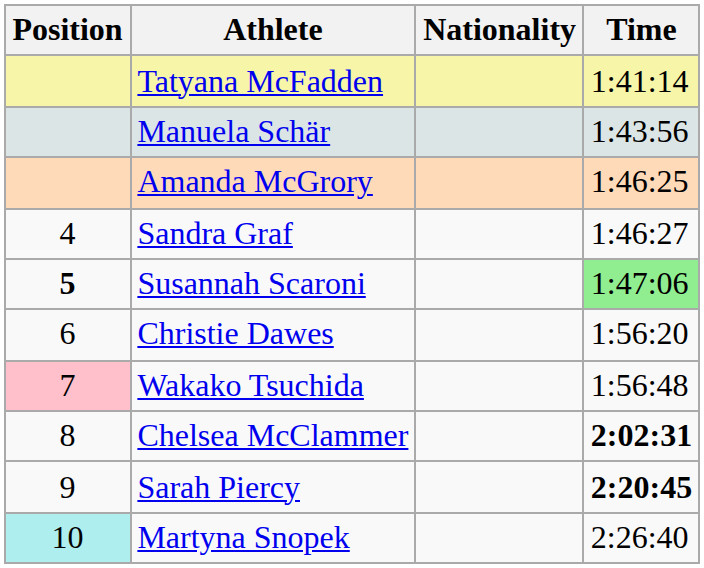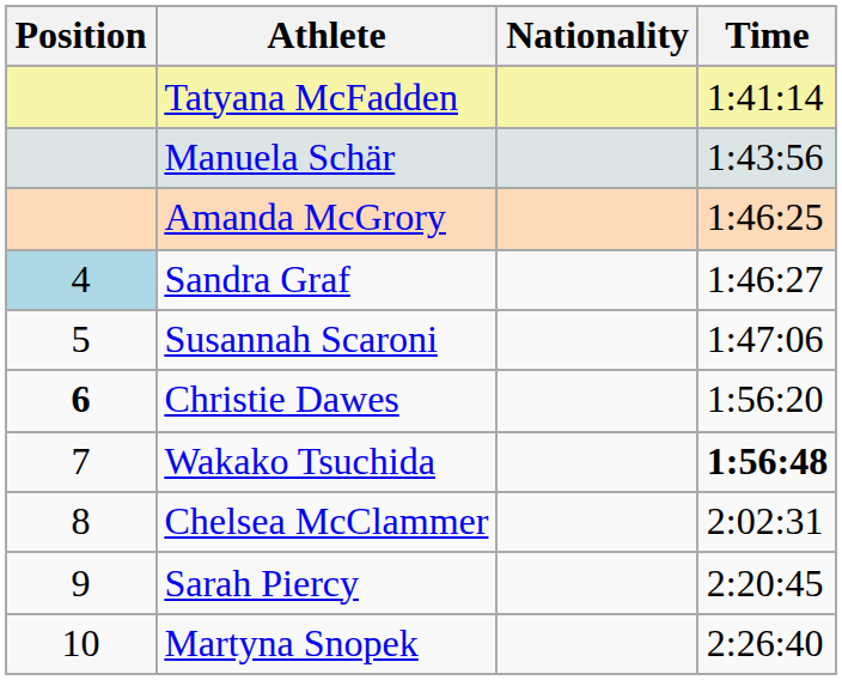 <table class="wikitable sortable">
 <tr>
 <th>Position</th>
 <th>Athlete</th>
 <th>Nationality</th>
 <th>Time</th>
 </tr>
 <tr bgcolor="#F7F6A8">
 <td align=center></td>
 <td><a href='#'>Tatyana McFadden</a></td>
 <td></td>
 <td>1:41:14</td>
 </tr>
 <tr bgcolor="#DCE5E5">
 <td align=center></td>
 <td><a href='#'>Manuela Schär</a></td>
 <td></td>
 <td>1:43:56</td>
 </tr>
 <tr bgcolor="#FFDAB9">
 <td align=center></td>
 <td><a href='#'>Amanda McGrory</a></td>
 <td></td>
 <td>1:46:25</td>
 </tr>
 <tr>
-<td align=center>4</td>
+<td align=center style="background: lightblue;">4</td>
 <td><a href='#'>Sandra Graf</a></td>
 <td></td>
 <td>1:46:27</td>
 </tr>
 <tr>
-<td align=center><strong>5</strong></td>
+<td align=center>5</td>
 <td><a href='#'>Susannah Scaroni</a></td>
 <td></td>
-<td style="background: lightgreen;">1:47:06</td>
+<td>1:47:06</td>
 </tr>
 <tr>
-<td align=center>6</td>
+<td align=center><strong>6</strong></td>
 <td><a href='#'>Christie Dawes</a></td>
 <td></td>
 <td>1:56:20</td>
 </tr>
 <tr>
-<td align=center style="background: pink;">7</td>
+<td align=center>7</td>
 <td><a href='#'>Wakako Tsuchida</a></td>
 <td></td>
-<td>1:56:48</td>
+<td><strong>1:56:48</strong></td>
 </tr>
 <tr>
 <td align=center>8</td>
 <td><a href='#'>Chelsea McClammer</a></td>
 <td></td>
-<td><strong>2:02:31</strong></td>
+<td>2:02:31</td>
 </tr>
 <tr>
 <td align=center>9</td>
 <td><a href='#'>Sarah Piercy</a></td>
 <td></td>
-<td><strong>2:20:45</strong></td>
+<td>2:20:45</td>
 </tr>
 <tr>
-<td align=center style="background: paleturquoise;">10</td>
+<td align=center>10</td>
 <td><a href='#'>Martyna Snopek</a></td>
 <td></td>
 <td>2:26:40</td>
 </tr>
 <tr>
 </tr>
 </table>
